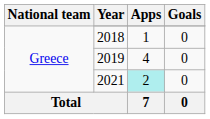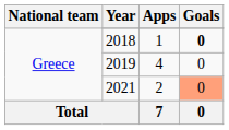 <table class="wikitable" style="text-align:center">
 <tr>
 <th>National team</th>
 <th>Year</th>
 <th>Apps</th>
 <th>Goals</th>
 </tr>
 <tr>
 <td rowspan=4><a href='#'>Greece</a></td>
 </tr>
 <tr>
 <td>2018</td>
 <td>1</td>
-<td>0</td>
+<td><strong>0</strong></td>
 </tr>
 <tr>
 <td>2019</td>
 <td>4</td>
 <td>0</td>
 </tr>
 <tr>
 <td>2021</td>
-<td style="background: paleturquoise;">2</td>
-<td>0</td>
+<td>2</td>
+<td style="background: lightsalmon;">0</td>
 </tr>
 <tr>
 <th colspan="2">Total</th>
 <th>7</th>
 <th>0</th>
 </tr>
 </table>
